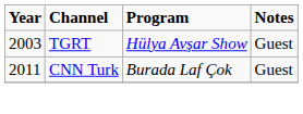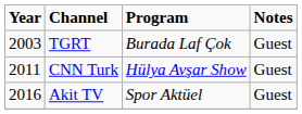 <table class="wikitable">
 <tr>
 <td><strong>Year</strong></td>
 <td><strong>Channel</strong></td>
 <td><strong>Program</strong></td>
 <td><strong>Notes</strong></td>
 </tr>
 <tr>
 <td>2003</td>
 <td><a href='#'>TGRT</a></td>
-<td><em><a href='#'>Hülya Avşar Show</a></em></td>
+<td><em>Burada Laf Çok</em></td>
 <td>Guest</td>
 </tr>
 <tr>
 <td>2011</td>
 <td><a href='#'>CNN Turk</a></td>
-<td><em>Burada Laf Çok</em></td>
+<td><em><a href='#'>Hülya Avşar Show</a></em></td>
+<td>Guest</td>
+</tr>
+<tr>
+<td>2016</td>
+<td><a href='#'>Akit TV</a></td>
+<td><em>Spor Aktüel</em></td>
 <td>Guest</td>
 </tr>
 <tr>
 </tr>
 </table>
